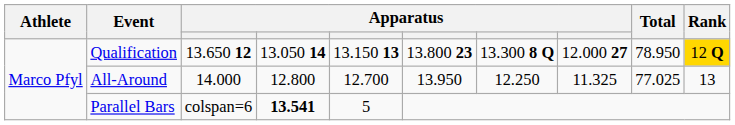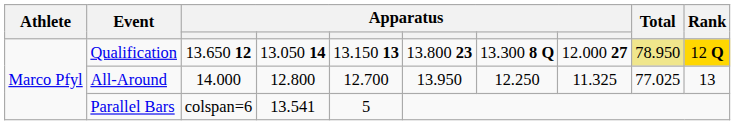 <table class="wikitable" style="font-size:90%">
 <tr>
 <th rowspan=2>Athlete</th>
 <th rowspan=2>Event</th>
 <th colspan =6>Apparatus</th>
 <th rowspan=2>Total</th>
 <th rowspan=2>Rank</th>
 </tr>
 <tr style="font-size:95%">
 <th></th>
 <th></th>
 <th></th>
 <th></th>
 <th></th>
 <th></th>
 </tr>
 <tr align=center>
 <td align=left rowspan=3><a href='#'>Marco Pfyl</a></td>
 <td align=left><a href='#'>Qualification</a></td>
 <td>13.650	<strong>12	</strong></td>
 <td>13.050	<strong>14</strong></td>
 <td>13.150	<strong>13</strong></td>
 <td>13.800	<strong>23</strong></td>
 <td>13.300	<strong>8 Q</strong></td>
 <td>12.000	<strong>27</strong></td>
-<td>78.950</td>
+<td style="background: khaki;">78.950</td>
 <td style="background: gold;">12 <strong>Q</strong></td>
 </tr>
 <tr align=center>
 <td align=left><a href='#'>All-Around</a></td>
 <td>14.000</td>
 <td>12.800</td>
 <td>12.700</td>
 <td>13.950</td>
 <td>12.250</td>
 <td>11.325</td>
 <td>77.025</td>
 <td>13</td>
 </tr>
 <tr align=center>
 <td align=left><a href='#'>Parallel Bars</a></td>
 <td>colspan=6 </td>
-<td><strong>13.541</strong></td>
+<td>13.541</td>
 <td>5</td>
 </tr>
 </table>
